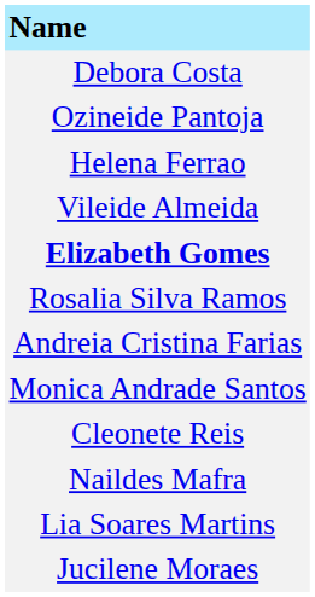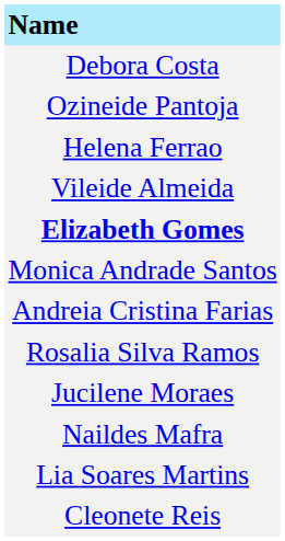 <table border=0 cellpadding=2 cellspacing=0  |- bgcolor=#F2F2F2 style="text-align:center; font-size:90%;">
 <tr bgcolor=#ADEBFD>
 <th align=left>Name</th>
 </tr>
 <tr>
 <td><a href='#'>Debora Costa</a></td>
 </tr>
 <tr>
 <td><a href='#'>Ozineide Pantoja</a></td>
 </tr>
 <tr>
 <td><a href='#'>Helena Ferrao</a></td>
 </tr>
 <tr>
 <td><a href='#'>Vileide Almeida</a></td>
 </tr>
 <tr>
 <td><strong><a href='#'>Elizabeth Gomes</a></strong></td>
 </tr>
 <tr>
-<td><a href='#'>Rosalia Silva Ramos</a></td>
+<td><a href='#'>Monica Andrade Santos</a></td>
 </tr>
 <tr>
 <td><a href='#'>Andreia Cristina Farias</a></td>
 </tr>
 <tr>
-<td><a href='#'>Monica Andrade Santos</a></td>
+<td><a href='#'>Rosalia Silva Ramos</a></td>
 </tr>
 <tr>
-<td><a href='#'>Cleonete Reis</a></td>
+<td><a href='#'>Jucilene Moraes</a></td>
 </tr>
 <tr>
 <td><a href='#'>Naildes Mafra</a></td>
 </tr>
 <tr>
 <td><a href='#'>Lia Soares Martins</a></td>
 </tr>
 <tr>
-<td><a href='#'>Jucilene Moraes</a></td>
+<td><a href='#'>Cleonete Reis</a></td>
 </tr>
 </table>
